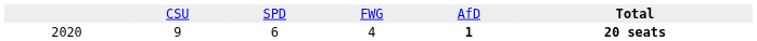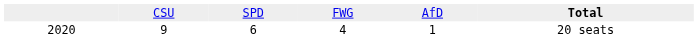 <table border="0" cellpadding="2" cellspacing="0" width="60%">
 <tr bgcolor="#eeeeee" align="center">
 <td></td>
 <td><a href='#'>CSU</a></td>
 <td><a href='#'>SPD</a></td>
 <td><a href='#'>FWG</a></td>
 <td><a href='#'>AfD</a></td>
 <td><strong>Total</strong></td>
 </tr>
 <tr align="center">
 <td>2020</td>
 <td>9</td>
 <td>6</td>
 <td>4</td>
-<td><strong>1</strong></td>
-<td><strong>20 seats</strong></td>
+<td>1</td>
+<td>20 seats</td>
 </tr>
 </table>
